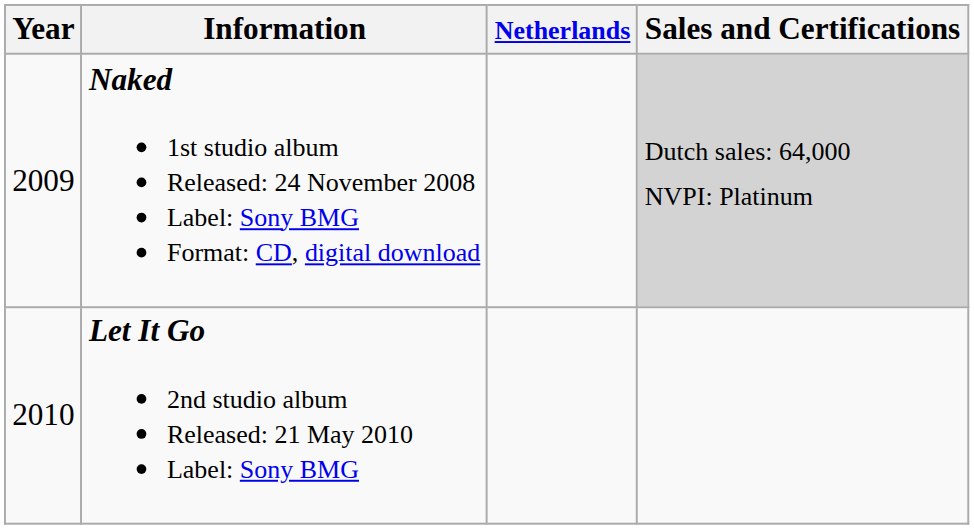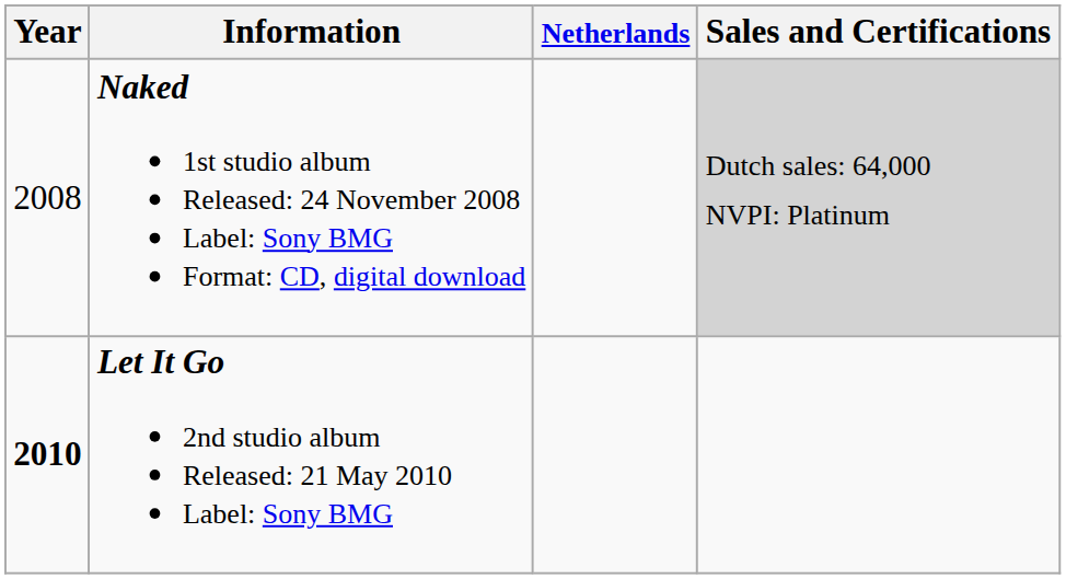 <table class="wikitable">
 <tr>
 <th align="center" rowspan="1">Year</th>
 <th align="center" rowspan="1">Information</th>
 <th align="center" rowspan="1"><small><a href='#'>Netherlands</a></small></th>
 <th align="center" rowspan="1">Sales and Certifications</th>
 </tr>
 <tr>
-<td>2009</td>
+<td>2008</td>
 <td><strong><em>Naked</em></strong><br><ul><li><small>1st studio album</small></li><li><small>Released: 24 November 2008</small></li><li><small>Label: <a href='#'>Sony BMG</a></small></li><li><small>Format: <a href='#'>CD</a>, <a href='#'>digital download</a></small></li></ul></td>
 <td></td>
 <td style="background: lightgrey;"><sup>Dutch sales: 64,000<br>NVPI: Platinum</sup></td>
 </tr>
 <tr>
-<td>2010</td>
+<td><strong>2010</strong></td>
 <td><strong><em>Let It Go</em></strong><br><ul><li><small>2nd studio album</small></li><li><small>Released: 21 May 2010</small></li><li><small>Label: <a href='#'>Sony BMG</a></small></li></ul></td>
 <td></td>
 <td></td>
 </tr>
 </table>
